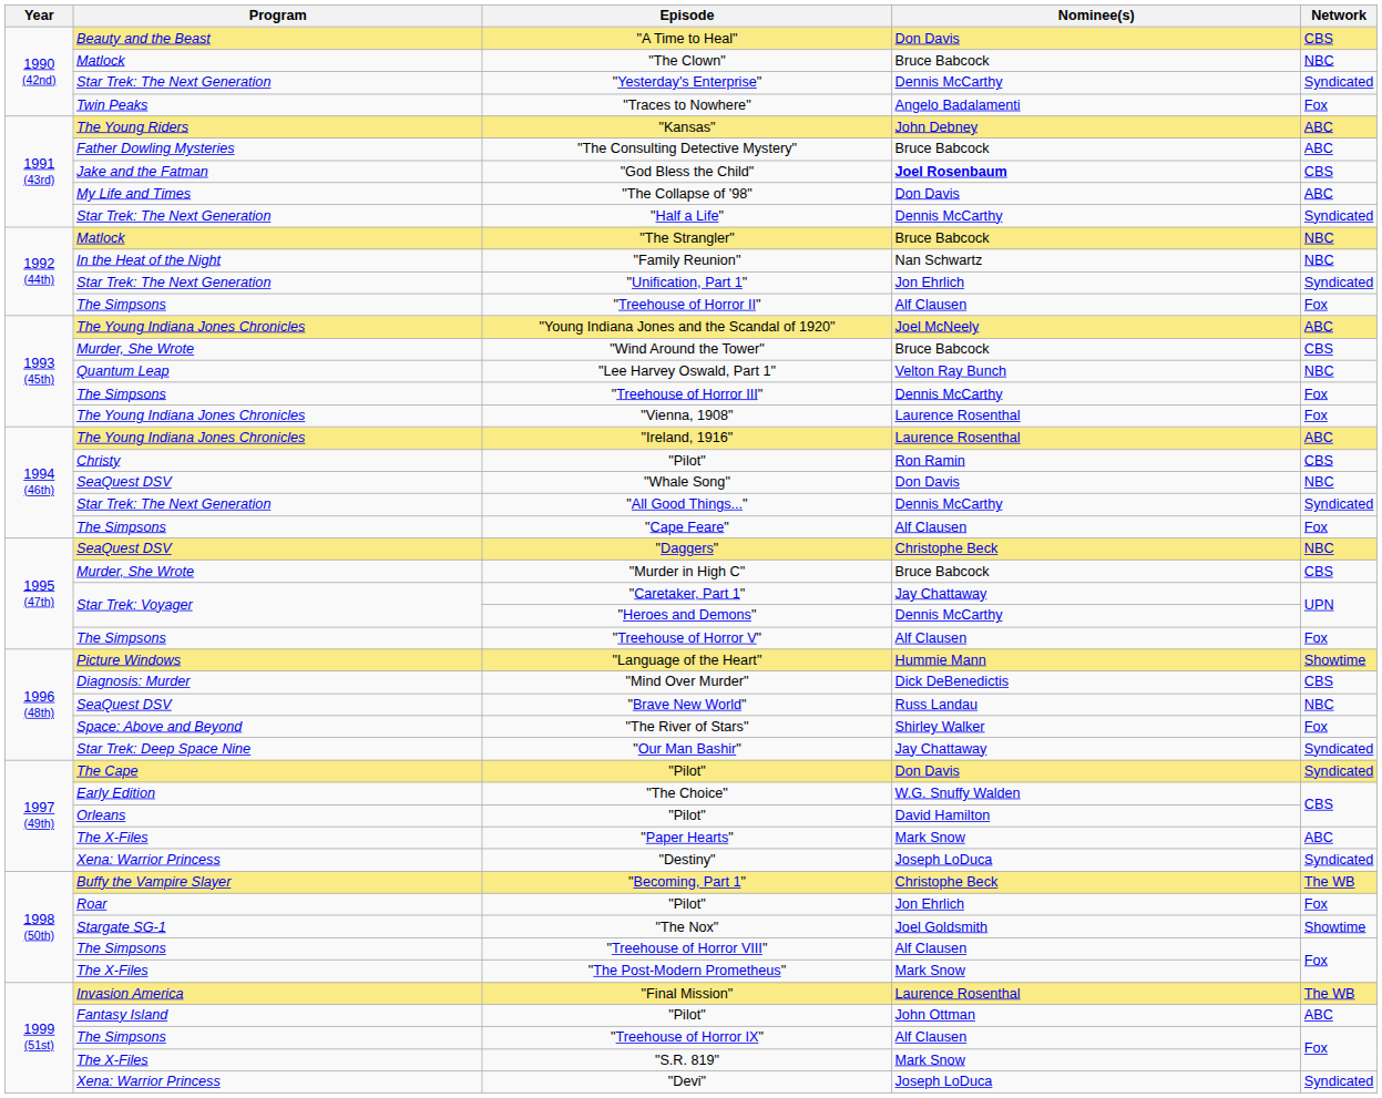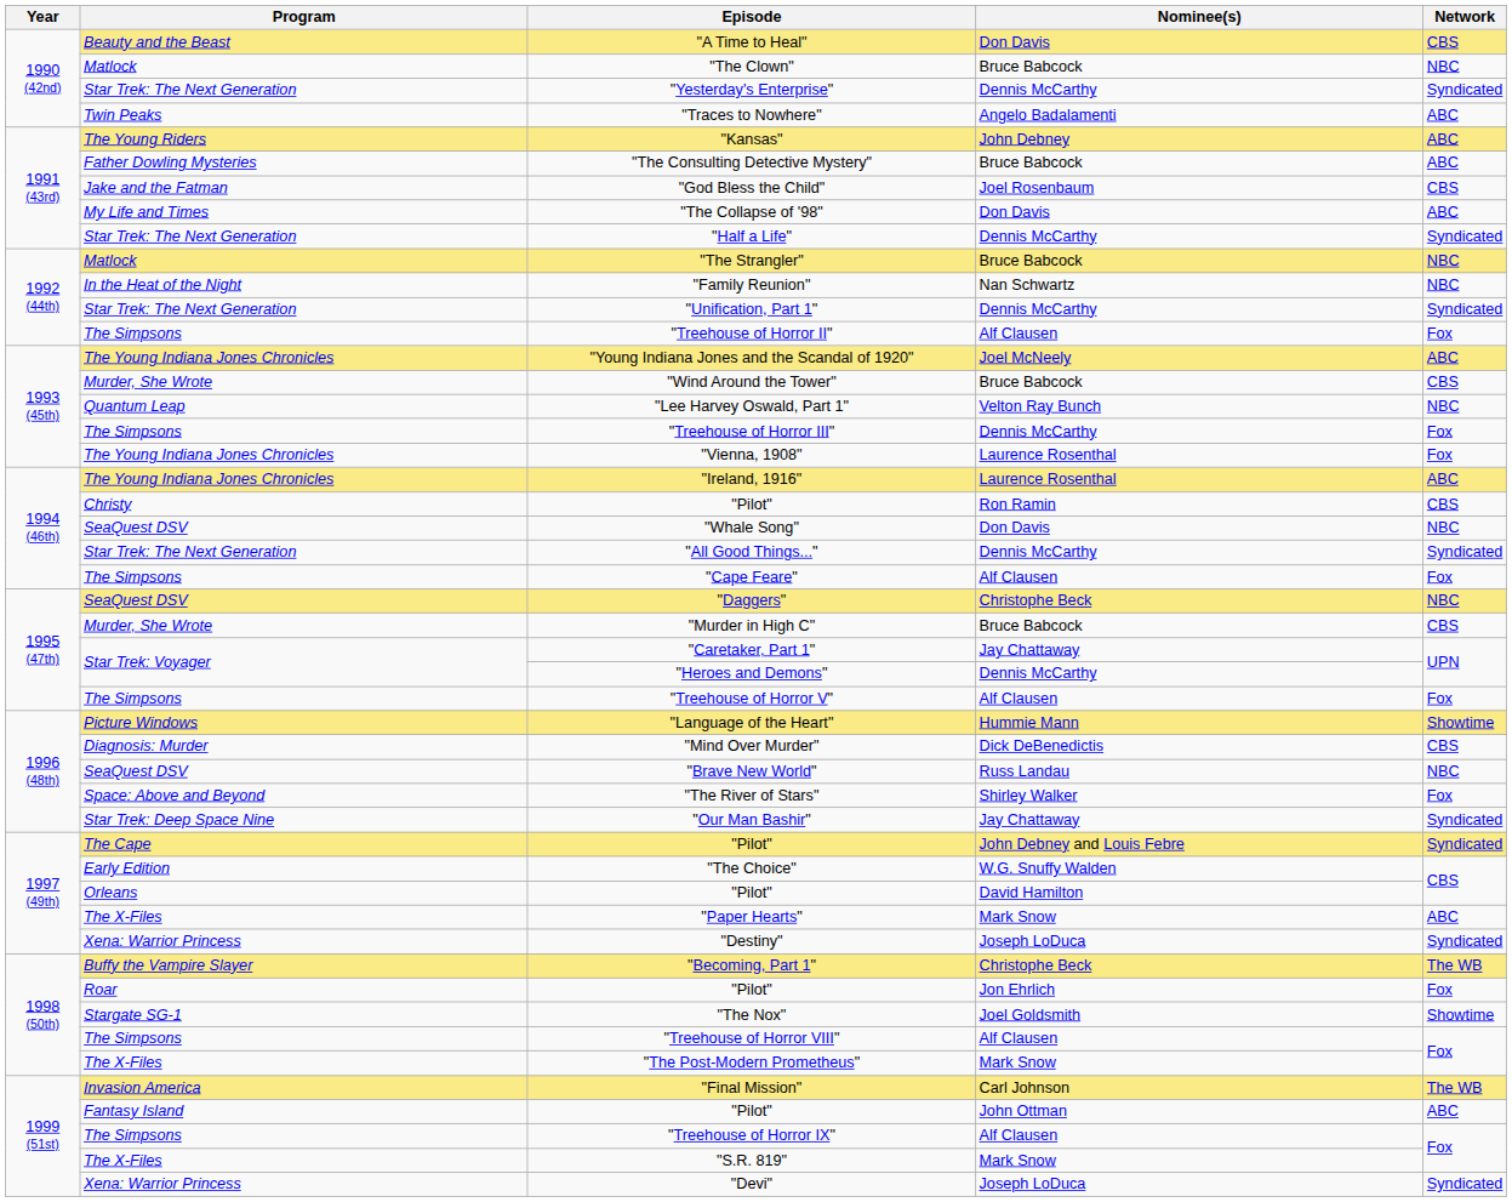 <table class="wikitable">
 <tr>
 <th width="5%">Year</th>
 <th width="30%">Program</th>
 <th width="30%">Episode</th>
 <th width="30%">Nominee(s)</th>
 <th width="5%">Network</th>
 </tr>
 <tr>
 <td rowspan="4" style="text-align:center;"><a href='#'>1990</a><br><small><a href='#'>(42nd)</a></small></td>
 <td style="background:#FAEB86;"><em><a href='#'>Beauty and the Beast</a></em></td>
 <td style="background:#FAEB86;" align=center>"A Time to Heal"</td>
 <td style="background:#FAEB86;"><a href='#'>Don Davis</a></td>
 <td style="background:#FAEB86;"><a href='#'>CBS</a></td>
 </tr>
 <tr>
 <td><em><a href='#'>Matlock</a></em></td>
 <td align=center>"The Clown"</td>
 <td>Bruce Babcock</td>
 <td><a href='#'>NBC</a></td>
 </tr>
 <tr>
 <td><em><a href='#'>Star Trek: The Next Generation</a></em></td>
 <td align=center>"<a href='#'>Yesterday's Enterprise</a>"</td>
 <td><a href='#'>Dennis McCarthy</a></td>
 <td><a href='#'>Syndicated</a></td>
 </tr>
 <tr>
 <td><em><a href='#'>Twin Peaks</a></em></td>
 <td align=center>"Traces to Nowhere"</td>
 <td><a href='#'>Angelo Badalamenti</a></td>
-<td><a href='#'>Fox</a></td>
+<td><a href='#'>ABC</a></td>
 </tr>
 <tr>
 <td rowspan="5" style="text-align:center;"><a href='#'>1991</a><br><small><a href='#'>(43rd)</a></small></td>
 <td style="background:#FAEB86;"><em><a href='#'>The Young Riders</a></em></td>
 <td style="background:#FAEB86;" align=center>"Kansas"</td>
 <td style="background:#FAEB86;"><a href='#'>John Debney</a></td>
 <td style="background:#FAEB86;"><a href='#'>ABC</a></td>
 </tr>
 <tr>
 <td><em><a href='#'>Father Dowling Mysteries</a></em></td>
 <td align=center>"The Consulting Detective Mystery"</td>
 <td>Bruce Babcock</td>
 <td><a href='#'>ABC</a></td>
 </tr>
 <tr>
 <td><em><a href='#'>Jake and the Fatman</a></em></td>
 <td align=center>"God Bless the Child"</td>
-<td><strong><a href='#'>Joel Rosenbaum</a></strong></td>
+<td><a href='#'>Joel Rosenbaum</a></td>
 <td><a href='#'>CBS</a></td>
 </tr>
 <tr>
 <td><em><a href='#'>My Life and Times</a></em></td>
 <td align=center>"The Collapse of '98"</td>
 <td><a href='#'>Don Davis</a></td>
 <td><a href='#'>ABC</a></td>
 </tr>
 <tr>
 <td><em><a href='#'>Star Trek: The Next Generation</a></em></td>
 <td align=center>"<a href='#'>Half a Life</a>"</td>
 <td><a href='#'>Dennis McCarthy</a></td>
 <td><a href='#'>Syndicated</a></td>
 </tr>
 <tr>
 <td rowspan="4" style="text-align:center;"><a href='#'>1992</a><br><small><a href='#'>(44th)</a></small></td>
 <td style="background:#FAEB86;"><em><a href='#'>Matlock</a></em></td>
 <td style="background:#FAEB86;" align=center>"The Strangler"</td>
 <td style="background:#FAEB86;">Bruce Babcock</td>
 <td style="background:#FAEB86;"><a href='#'>NBC</a></td>
 </tr>
 <tr>
 <td><em><a href='#'>In the Heat of the Night</a></em></td>
 <td align=center>"Family Reunion"</td>
 <td>Nan Schwartz</td>
 <td><a href='#'>NBC</a></td>
 </tr>
 <tr>
 <td><em><a href='#'>Star Trek: The Next Generation</a></em></td>
 <td align=center>"<a href='#'>Unification, Part 1</a>"</td>
-<td><a href='#'>Jon Ehrlich</a></td>
+<td><a href='#'>Dennis McCarthy</a></td>
 <td><a href='#'>Syndicated</a></td>
 </tr>
 <tr>
 <td><em><a href='#'>The Simpsons</a></em></td>
 <td align=center>"<a href='#'>Treehouse of Horror II</a>"</td>
 <td><a href='#'>Alf Clausen</a></td>
 <td><a href='#'>Fox</a></td>
 </tr>
 <tr>
 <td rowspan="5" style="text-align:center;"><a href='#'>1993</a><br><small><a href='#'>(45th)</a></small></td>
 <td style="background:#FAEB86;"><em><a href='#'>The Young Indiana Jones Chronicles</a></em></td>
 <td style="background:#FAEB86;" align=center>"Young Indiana Jones and the Scandal of 1920"</td>
 <td style="background:#FAEB86;"><a href='#'>Joel McNeely</a></td>
 <td style="background:#FAEB86;"><a href='#'>ABC</a></td>
 </tr>
 <tr>
 <td><em><a href='#'>Murder, She Wrote</a></em></td>
 <td align=center>"Wind Around the Tower"</td>
 <td>Bruce Babcock</td>
 <td><a href='#'>CBS</a></td>
 </tr>
 <tr>
 <td><em><a href='#'>Quantum Leap</a></em></td>
 <td align=center>"Lee Harvey Oswald, Part 1"</td>
 <td><a href='#'>Velton Ray Bunch</a></td>
 <td><a href='#'>NBC</a></td>
 </tr>
 <tr>
 <td><em><a href='#'>The Simpsons</a></em></td>
 <td align=center>"<a href='#'>Treehouse of Horror III</a>"</td>
 <td><a href='#'>Dennis McCarthy</a></td>
 <td><a href='#'>Fox</a></td>
 </tr>
 <tr>
 <td><em><a href='#'>The Young Indiana Jones Chronicles</a></em></td>
 <td align=center>"Vienna, 1908"</td>
 <td><a href='#'>Laurence Rosenthal</a></td>
 <td><a href='#'>Fox</a></td>
 </tr>
 <tr>
 <td rowspan="5" style="text-align:center;"><a href='#'>1994</a><br><small><a href='#'>(46th)</a></small></td>
 <td style="background:#FAEB86;"><em><a href='#'>The Young Indiana Jones Chronicles</a></em></td>
 <td style="background:#FAEB86;" align=center>"Ireland, 1916"</td>
 <td style="background:#FAEB86;"><a href='#'>Laurence Rosenthal</a></td>
 <td style="background:#FAEB86;"><a href='#'>ABC</a></td>
 </tr>
 <tr>
 <td><em><a href='#'>Christy</a></em></td>
 <td align=center>"Pilot"</td>
 <td><a href='#'>Ron Ramin</a></td>
 <td><a href='#'>CBS</a></td>
 </tr>
 <tr>
 <td><em><a href='#'>SeaQuest DSV</a></em></td>
 <td align=center>"Whale Song"</td>
 <td><a href='#'>Don Davis</a></td>
 <td><a href='#'>NBC</a></td>
 </tr>
 <tr>
 <td><em><a href='#'>Star Trek: The Next Generation</a></em></td>
 <td align=center>"<a href='#'>All Good Things...</a>"</td>
 <td><a href='#'>Dennis McCarthy</a></td>
 <td><a href='#'>Syndicated</a></td>
 </tr>
 <tr>
 <td><em><a href='#'>The Simpsons</a></em></td>
 <td align=center>"<a href='#'>Cape Feare</a>"</td>
 <td><a href='#'>Alf Clausen</a></td>
 <td><a href='#'>Fox</a></td>
 </tr>
 <tr>
 <td rowspan="5" style="text-align:center;"><a href='#'>1995</a><br><small><a href='#'>(47th)</a></small></td>
 <td style="background:#FAEB86;"><em><a href='#'>SeaQuest DSV</a></em></td>
 <td style="background:#FAEB86;" align=center>"<a href='#'>Daggers</a>"</td>
 <td style="background:#FAEB86;"><a href='#'>Christophe Beck</a></td>
 <td style="background:#FAEB86;"><a href='#'>NBC</a></td>
 </tr>
 <tr>
 <td><em><a href='#'>Murder, She Wrote</a></em></td>
 <td align=center>"Murder in High C"</td>
 <td>Bruce Babcock</td>
 <td><a href='#'>CBS</a></td>
 </tr>
 <tr>
 <td rowspan=2><em><a href='#'>Star Trek: Voyager</a></em></td>
 <td align=center>"<a href='#'>Caretaker, Part 1</a>"</td>
 <td><a href='#'>Jay Chattaway</a></td>
 <td rowspan=2><a href='#'>UPN</a></td>
 </tr>
 <tr>
 <td align=center>"<a href='#'>Heroes and Demons</a>"</td>
 <td><a href='#'>Dennis McCarthy</a></td>
 </tr>
 <tr>
 <td><em><a href='#'>The Simpsons</a></em></td>
 <td align=center>"<a href='#'>Treehouse of Horror V</a>"</td>
 <td><a href='#'>Alf Clausen</a></td>
 <td><a href='#'>Fox</a></td>
 </tr>
 <tr>
 <td rowspan="5" style="text-align:center;"><a href='#'>1996</a><br><small><a href='#'>(48th)</a></small></td>
 <td style="background:#FAEB86;"><em><a href='#'>Picture Windows</a></em></td>
 <td style="background:#FAEB86;" align=center>"Language of the Heart"</td>
 <td style="background:#FAEB86;"><a href='#'>Hummie Mann</a></td>
 <td style="background:#FAEB86;"><a href='#'>Showtime</a></td>
 </tr>
 <tr>
 <td><em><a href='#'>Diagnosis: Murder</a></em></td>
 <td align=center>"Mind Over Murder"</td>
 <td><a href='#'>Dick DeBenedictis</a></td>
 <td><a href='#'>CBS</a></td>
 </tr>
 <tr>
 <td><em><a href='#'>SeaQuest DSV</a></em></td>
 <td align=center>"<a href='#'>Brave New World</a>"</td>
 <td><a href='#'>Russ Landau</a></td>
 <td><a href='#'>NBC</a></td>
 </tr>
 <tr>
 <td><em><a href='#'>Space: Above and Beyond</a></em></td>
 <td align=center>"The River of Stars"</td>
 <td><a href='#'>Shirley Walker</a></td>
 <td><a href='#'>Fox</a></td>
 </tr>
 <tr>
 <td><em><a href='#'>Star Trek: Deep Space Nine</a></em></td>
 <td align=center>"<a href='#'>Our Man Bashir</a>"</td>
 <td><a href='#'>Jay Chattaway</a></td>
 <td><a href='#'>Syndicated</a></td>
 </tr>
 <tr>
 <td rowspan="5" style="text-align:center;"><a href='#'>1997</a><br><small><a href='#'>(49th)</a></small></td>
 <td style="background:#FAEB86;"><em><a href='#'>The Cape</a></em></td>
 <td style="background:#FAEB86;" align=center>"Pilot"</td>
-<td style="background:#FAEB86;"><a href='#'>Don Davis</a></td>
+<td style="background:#FAEB86;"><a href='#'>John Debney</a> and <a href='#'>Louis Febre</a></td>
 <td style="background:#FAEB86;"><a href='#'>Syndicated</a></td>
 </tr>
 <tr>
 <td><em><a href='#'>Early Edition</a></em></td>
 <td align=center>"The Choice"</td>
 <td><a href='#'>W.G. Snuffy Walden</a></td>
 <td rowspan=2><a href='#'>CBS</a></td>
 </tr>
 <tr>
 <td><em><a href='#'>Orleans</a></em></td>
 <td align=center>"Pilot"</td>
 <td><a href='#'>David Hamilton</a></td>
 </tr>
 <tr>
 <td><em><a href='#'>The X-Files</a></em></td>
 <td align=center>"<a href='#'>Paper Hearts</a>"</td>
 <td><a href='#'>Mark Snow</a></td>
 <td><a href='#'>ABC</a></td>
 </tr>
 <tr>
 <td><em><a href='#'>Xena: Warrior Princess</a></em></td>
 <td align=center>"Destiny"</td>
 <td><a href='#'>Joseph LoDuca</a></td>
 <td><a href='#'>Syndicated</a></td>
 </tr>
 <tr>
 <td rowspan="5" style="text-align:center;"><a href='#'>1998</a><br><small><a href='#'>(50th)</a></small></td>
 <td style="background:#FAEB86;"><em><a href='#'>Buffy the Vampire Slayer</a></em></td>
 <td style="background:#FAEB86;" align=center>"<a href='#'>Becoming, Part 1</a>"</td>
 <td style="background:#FAEB86;"><a href='#'>Christophe Beck</a></td>
 <td style="background:#FAEB86;"><a href='#'>The WB</a></td>
 </tr>
 <tr>
 <td><em><a href='#'>Roar</a></em></td>
 <td align=center>"Pilot"</td>
 <td><a href='#'>Jon Ehrlich</a></td>
 <td><a href='#'>Fox</a></td>
 </tr>
 <tr>
 <td><em><a href='#'>Stargate SG-1</a></em></td>
 <td align=center>"The Nox"</td>
 <td><a href='#'>Joel Goldsmith</a></td>
 <td><a href='#'>Showtime</a></td>
 </tr>
 <tr>
 <td><em><a href='#'>The Simpsons</a></em></td>
 <td align=center>"<a href='#'>Treehouse of Horror VIII</a>"</td>
 <td><a href='#'>Alf Clausen</a></td>
 <td rowspan=2><a href='#'>Fox</a></td>
 </tr>
 <tr>
 <td><em><a href='#'>The X-Files</a></em></td>
 <td align=center>"<a href='#'>The Post-Modern Prometheus</a>"</td>
 <td><a href='#'>Mark Snow</a></td>
 </tr>
 <tr>
 <td rowspan="5" style="text-align:center;"><a href='#'>1999</a><br><small><a href='#'>(51st)</a></small></td>
 <td style="background:#FAEB86;"><em><a href='#'>Invasion America</a></em></td>
 <td style="background:#FAEB86;" align=center>"Final Mission"</td>
-<td style="background:#FAEB86;"><a href='#'>Laurence Rosenthal</a></td>
+<td style="background:#FAEB86;">Carl Johnson</td>
 <td style="background:#FAEB86;"><a href='#'>The WB</a></td>
 </tr>
 <tr>
 <td><em><a href='#'>Fantasy Island</a></em></td>
 <td align=center>"Pilot"</td>
 <td><a href='#'>John Ottman</a></td>
 <td><a href='#'>ABC</a></td>
 </tr>
 <tr>
 <td><em><a href='#'>The Simpsons</a></em></td>
 <td align=center>"<a href='#'>Treehouse of Horror IX</a>"</td>
 <td><a href='#'>Alf Clausen</a></td>
 <td rowspan=2><a href='#'>Fox</a></td>
 </tr>
 <tr>
 <td><em><a href='#'>The X-Files</a></em></td>
 <td align=center>"S.R. 819"</td>
 <td><a href='#'>Mark Snow</a></td>
 </tr>
 <tr>
 <td><em><a href='#'>Xena: Warrior Princess</a></em></td>
 <td align=center>"Devi"</td>
 <td><a href='#'>Joseph LoDuca</a></td>
 <td><a href='#'>Syndicated</a></td>
 </tr>
 </table>
